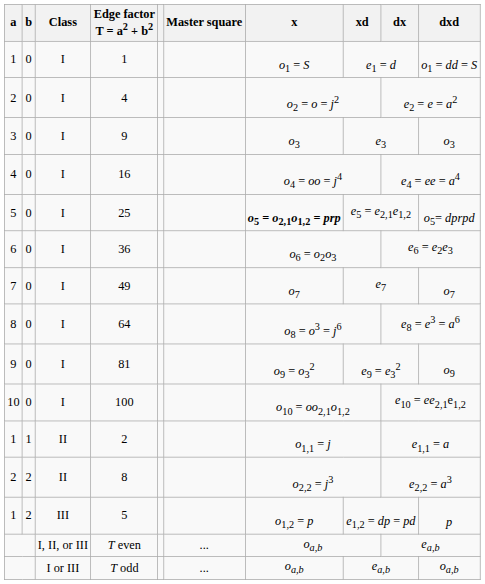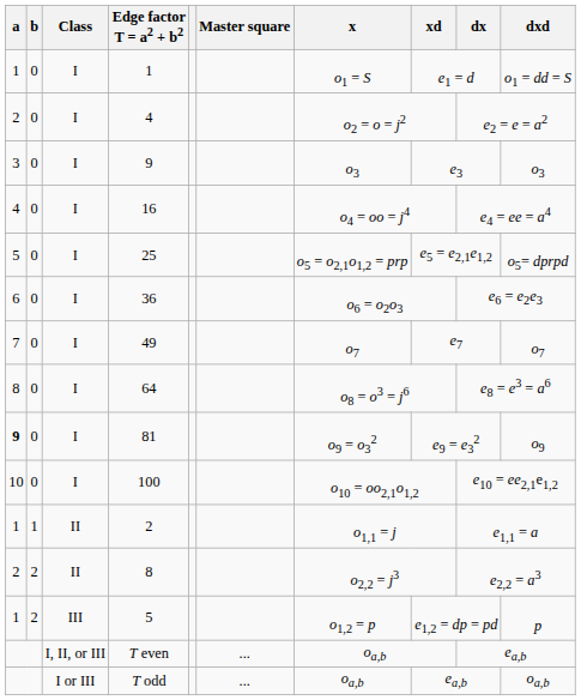 <table class="wikitable sortable" style="text-align: center">
 <tr>
 <th>a</th>
 <th>b</th>
 <th>Class</th>
 <th>Edge factor <br>T = a<sup>2</sup> + b<sup>2</sup></th>
 <th></th>
 <th>Master square</th>
 <th>x</th>
 <th>xd</th>
 <th>dx</th>
 <th>dxd</th>
 </tr>
 <tr>
 <td>1</td>
 <td>0</td>
 <td>I</td>
 <td>1</td>
 <td></td>
 <td></td>
 <td><br><em>o</em><sub>1</sub> = <em>S</em></td>
 <td colspan=2><br><em>e</em><sub>1</sub> = <em>d</em></td>
 <td><br><em>o</em><sub>1</sub> = <em>dd</em> = <em>S</em></td>
 </tr>
 <tr>
 <td>2</td>
 <td>0</td>
 <td>I</td>
 <td>4</td>
 <td></td>
 <td></td>
 <td colspan=2><br><em>o</em><sub>2</sub> = <em>o</em> = <em>j</em><sup>2</sup></td>
 <td colspan=2><br><em>e</em><sub>2</sub> = <em>e</em> = <em>a</em><sup>2</sup></td>
 </tr>
 <tr>
 <td>3</td>
 <td>0</td>
 <td>I</td>
 <td>9</td>
 <td></td>
 <td></td>
 <td><br><em>o</em><sub>3</sub></td>
 <td colspan=2><br><em>e</em><sub>3</sub></td>
 <td><br><em>o</em><sub>3</sub></td>
 </tr>
 <tr>
 <td>4</td>
 <td>0</td>
 <td>I</td>
 <td>16</td>
 <td></td>
 <td></td>
 <td colspan=2><br><em>o</em><sub>4</sub> = <em>oo</em> = <em>j</em><sup>4</sup></td>
 <td colspan=2><br><em>e</em><sub>4</sub> = <em>ee</em> = <em>a</em><sup>4</sup></td>
 </tr>
 <tr>
 <td>5</td>
 <td>0</td>
 <td>I</td>
 <td>25</td>
 <td></td>
 <td></td>
-<td><strong><br><em>o</em><sub>5</sub> = <em>o</em><sub>2,1</sub><em>o</em><sub>1,2</sub> = <em>prp</em></strong></td>
+<td><br><em>o</em><sub>5</sub> = <em>o</em><sub>2,1</sub><em>o</em><sub>1,2</sub> = <em>prp</em></td>
 <td colspan=2><em>e</em><sub>5</sub> = <em>e</em><sub>2,1</sub><em>e</em><sub>1,2</sub></td>
 <td><br><em>o</em><sub>5</sub>= <em>dprpd</em></td>
 </tr>
 <tr>
 <td>6</td>
 <td>0</td>
 <td>I</td>
 <td>36</td>
 <td></td>
 <td></td>
 <td colspan=2><br><em>o</em><sub>6</sub> = <em>o</em><sub>2</sub><em>o</em><sub>3</sub></td>
 <td colspan=2><em>e</em><sub>6</sub> = <em>e</em><sub>2</sub><em>e</em><sub>3</sub></td>
 </tr>
 <tr>
 <td>7</td>
 <td>0</td>
 <td>I</td>
 <td>49</td>
 <td></td>
 <td></td>
 <td><br><em>o</em><sub>7</sub></td>
 <td colspan=2><em>e</em><sub>7</sub></td>
 <td><br><em>o</em><sub>7</sub></td>
 </tr>
 <tr>
 <td>8</td>
 <td>0</td>
 <td>I</td>
 <td>64</td>
 <td></td>
 <td></td>
 <td colspan=2><br><em>o</em><sub>8</sub> = <em>o</em><sup>3</sup> = <em>j</em><sup>6</sup></td>
 <td colspan=2><em>e</em><sub>8</sub> = <em>e</em><sup>3</sup> = <em>a</em><sup>6</sup></td>
 </tr>
 <tr>
-<td>9</td>
+<td><strong>9</strong></td>
 <td>0</td>
 <td>I</td>
 <td>81</td>
 <td></td>
 <td></td>
 <td><br><em>o</em><sub>9</sub> = <em>o</em><sub>3</sub><sup>2</sup></td>
 <td colspan=2><br><em>e</em><sub>9</sub> = <em>e</em><sub>3</sub><sup>2</sup></td>
 <td><br><em>o</em><sub>9</sub></td>
 </tr>
 <tr>
 <td>10</td>
 <td>0</td>
 <td>I</td>
 <td>100</td>
 <td></td>
 <td></td>
 <td colspan=2><br><em>o</em><sub>10</sub> = <em>oo</em><sub>2,1</sub><em>o</em><sub>1,2</sub></td>
 <td colspan=2><em>e</em><sub>10</sub> = <em>ee</em><sub>2,1</sub>e<sub>1,2</sub></td>
 </tr>
 <tr>
 <td>1</td>
 <td>1</td>
 <td>II</td>
 <td>2</td>
 <td></td>
 <td></td>
 <td colspan=2><br><em>o</em><sub>1,1</sub> = <em>j</em></td>
 <td colspan=2><br><em>e</em><sub>1,1</sub> = <em>a</em></td>
 </tr>
 <tr>
 <td>2</td>
 <td>2</td>
 <td>II</td>
 <td>8</td>
 <td></td>
 <td></td>
 <td colspan=2><br><em>o</em><sub>2,2</sub> = <em>j</em><sup>3</sup></td>
 <td colspan=2><br><em>e</em><sub>2,2</sub> = <em>a</em><sup>3</sup></td>
 </tr>
 <tr>
 <td>1</td>
 <td>2</td>
 <td>III</td>
 <td>5</td>
 <td></td>
 <td></td>
 <td><br><em>o</em><sub>1,2</sub> = <em>p</em></td>
 <td colspan=2><br><em>e</em><sub>1,2</sub> = <em>dp</em> = <em>pd</em></td>
 <td><br><em>p</em></td>
 </tr>
 <tr>
 <td colspan=2></td>
 <td>I, II, or III</td>
 <td><em>T</em> even</td>
 <td></td>
 <td>...</td>
 <td colspan=2><em>o<sub>a,b</sub></em></td>
 <td colspan=2><em>e<sub>a,b</sub></em></td>
 </tr>
 <tr>
 <td colspan=2></td>
 <td>I or III</td>
 <td><em>T</em> odd</td>
 <td></td>
 <td>...</td>
 <td><em>o<sub>a,b</sub></em></td>
 <td colspan=2><em>e<sub>a,b</sub></em></td>
 <td><em>o<sub>a,b</sub></em></td>
 </tr>
 </table>
